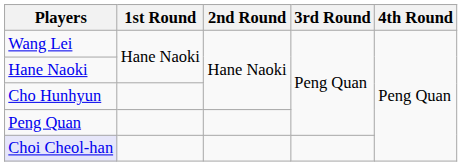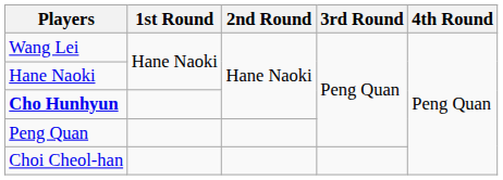 <table class="wikitable">
 <tr>
 <th>Players</th>
 <th>1st Round</th>
 <th>2nd Round</th>
 <th>3rd Round</th>
 <th>4th Round</th>
 </tr>
 <tr>
 <td> <a href='#'>Wang Lei</a></td>
 <td rowspan="2" valign="center">Hane Naoki</td>
 <td rowspan="3" valign="center">Hane Naoki</td>
 <td rowspan="4" valign="center">Peng Quan</td>
 <td rowspan="5" valign="center">Peng Quan</td>
 </tr>
 <tr>
 <td> <a href='#'>Hane Naoki</a></td>
 </tr>
 <tr>
-<td> <a href='#'>Cho Hunhyun</a></td>
+<td><strong> <a href='#'>Cho Hunhyun</a></strong></td>
 </tr>
 <tr>
 <td> <a href='#'>Peng Quan</a></td>
 <td></td>
 <td></td>
 </tr>
 <tr>
-<td style="background: lavender;"> <a href='#'>Choi Cheol-han</a></td>
+<td> <a href='#'>Choi Cheol-han</a></td>
 <td></td>
 <td></td>
 <td></td>
 </tr>
 </table>
